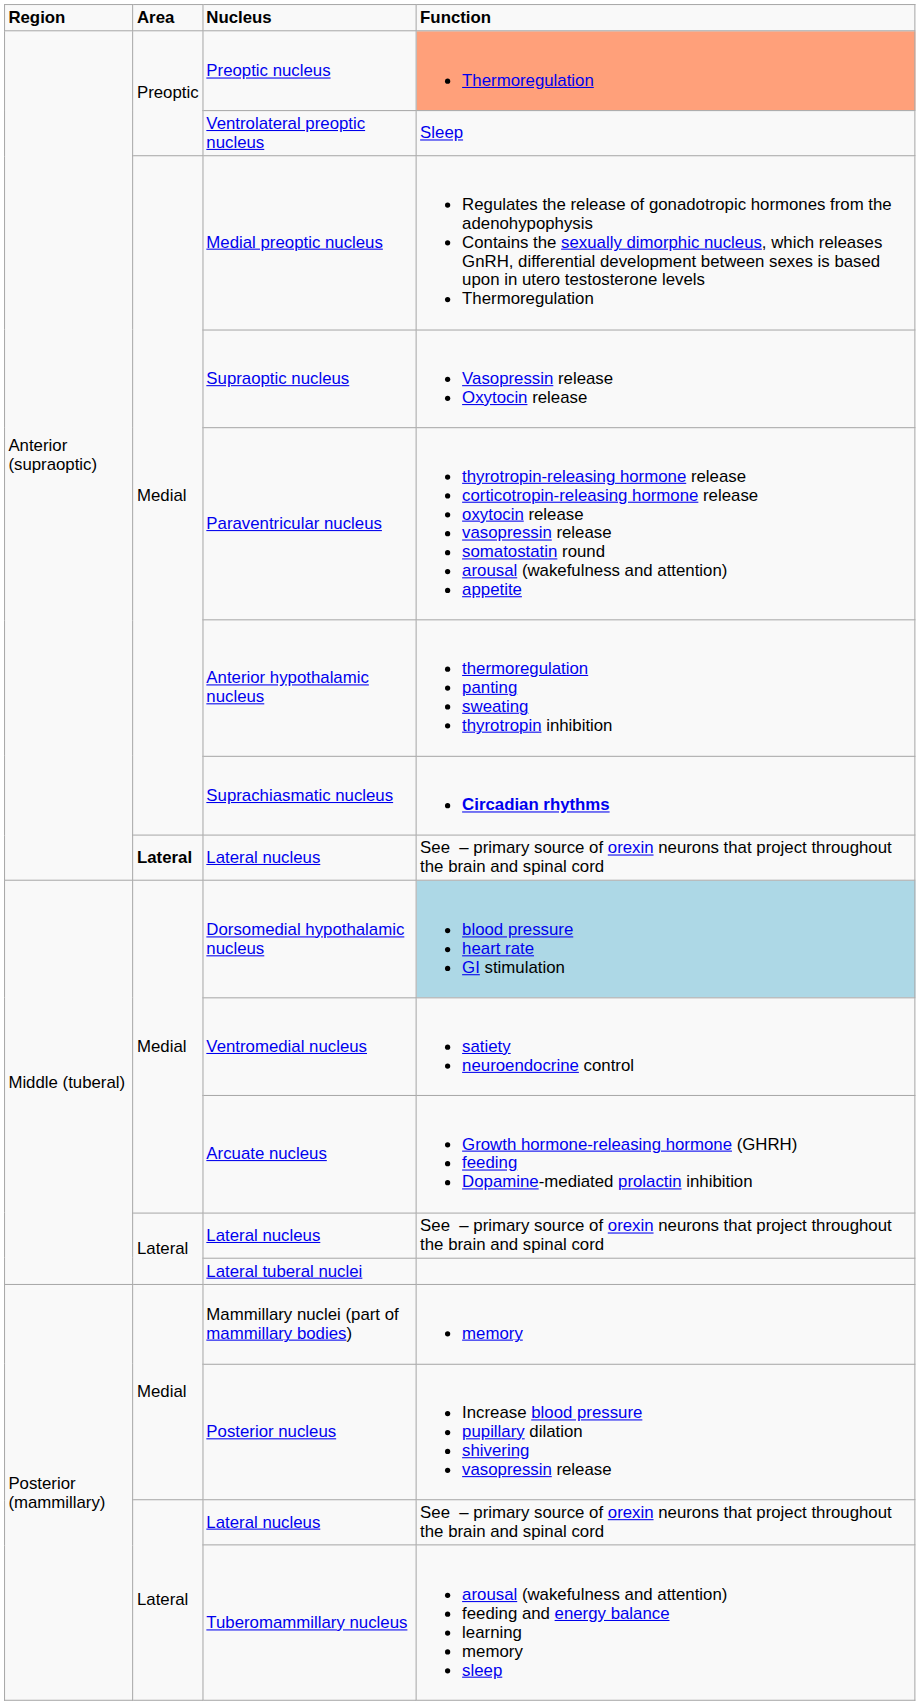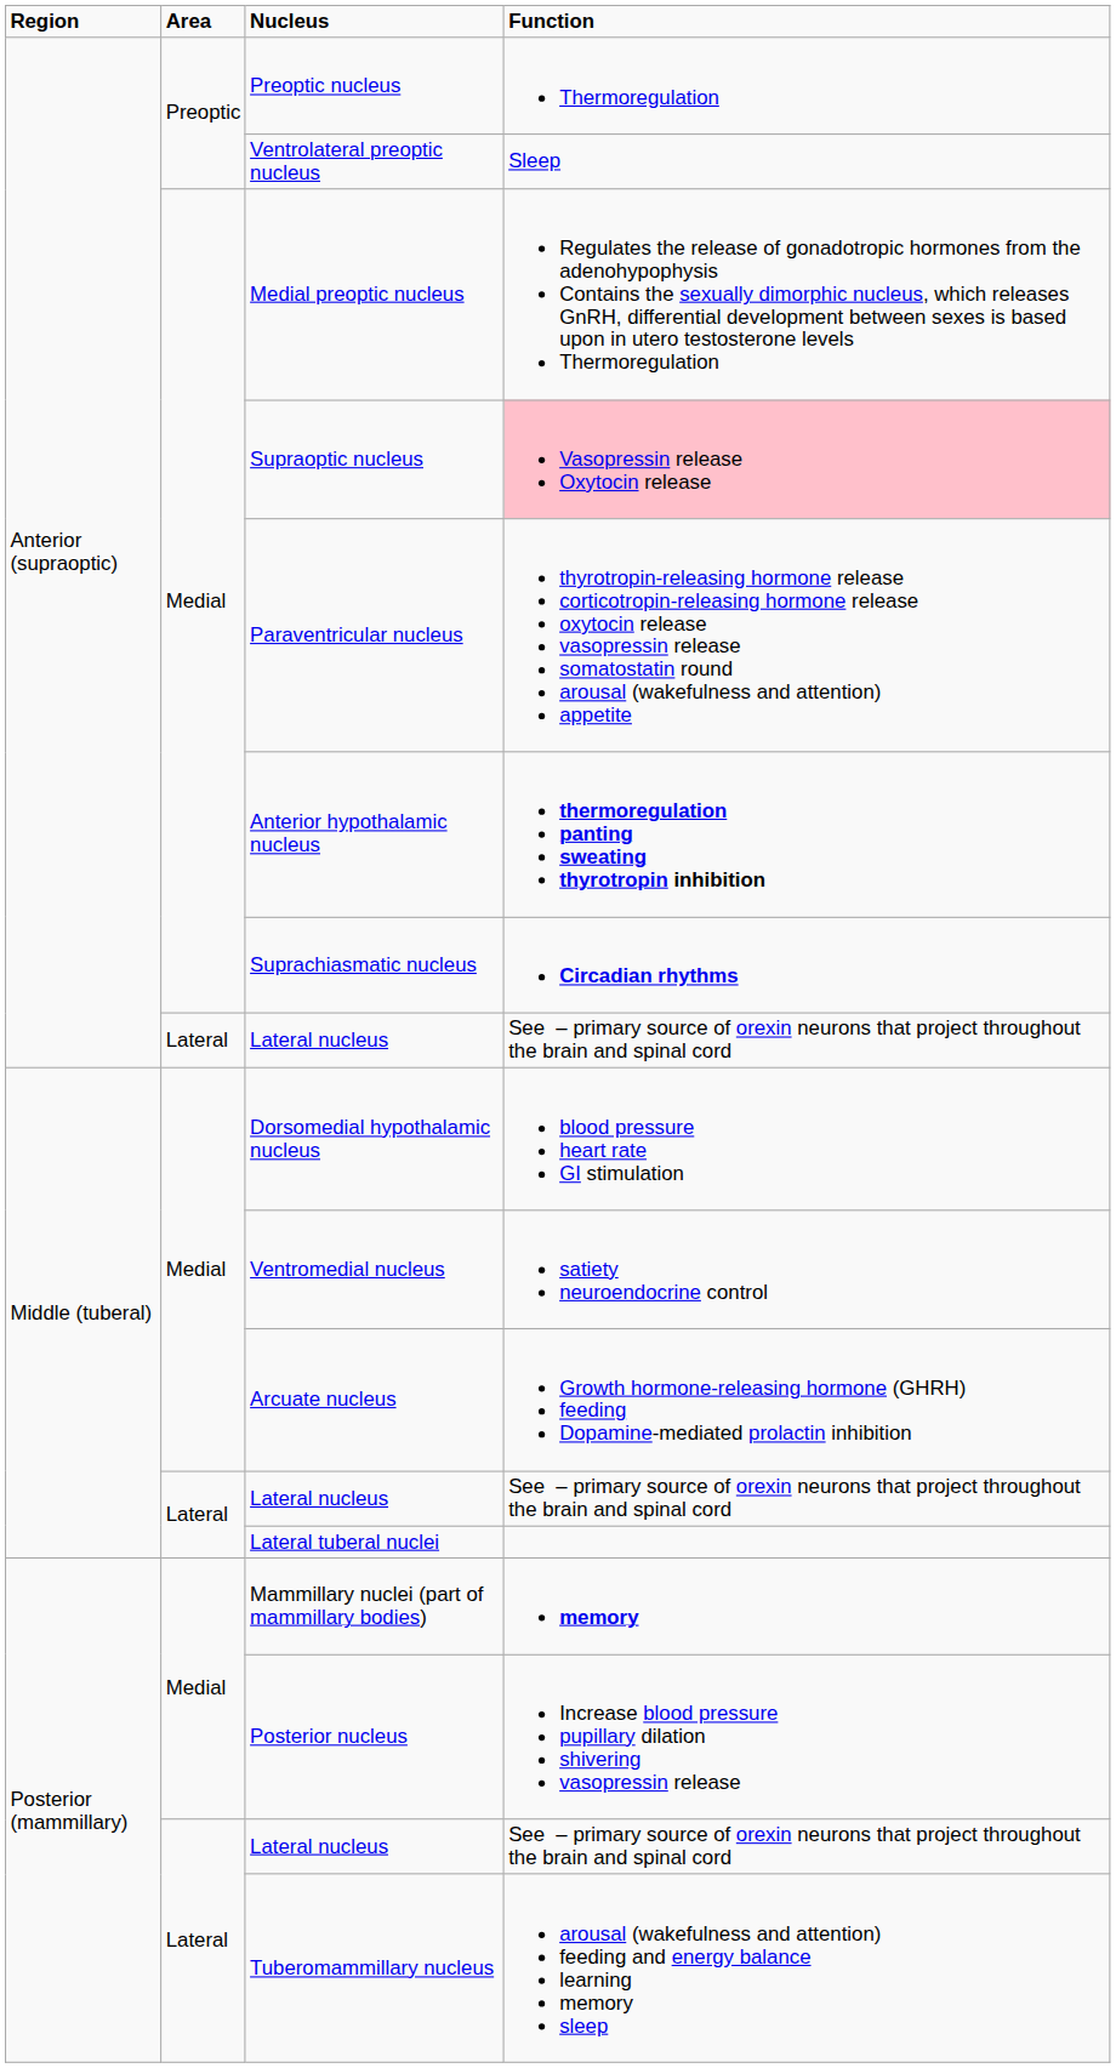 <table class="wikitable">
 <tr>
 <td><strong>Region</strong></td>
 <td><strong>Area</strong></td>
 <td><strong>Nucleus</strong></td>
 <td><strong>Function</strong></td>
 </tr>
 <tr>
 <td rowspan=8>Anterior (supraoptic)</td>
 <td rowspan="2">Preoptic</td>
 <td><a href='#'>Preoptic nucleus</a></td>
-<td style="background: lightsalmon;"><br><ul><li><a href='#'>Thermoregulation</a></li></ul></td>
+<td><br><ul><li><a href='#'>Thermoregulation</a></li></ul></td>
 </tr>
 <tr>
 <td><a href='#'>Ventrolateral preoptic nucleus</a></td>
 <td><a href='#'>Sleep</a></td>
 </tr>
 <tr>
 <td rowspan=5>Medial</td>
 <td><a href='#'>Medial preoptic nucleus</a></td>
 <td><br><ul><li>Regulates the release of gonadotropic hormones from the adenohypophysis</li><li>Contains the <a href='#'>sexually dimorphic nucleus</a>, which releases GnRH, differential development between sexes is based upon in utero testosterone levels</li><li>Thermoregulation</li></ul></td>
 </tr>
 <tr>
 <td><a href='#'>Supraoptic nucleus</a></td>
-<td><br><ul><li><a href='#'>Vasopressin</a> release</li><li><a href='#'>Oxytocin</a> release</li></ul></td>
+<td style="background: pink;"><br><ul><li><a href='#'>Vasopressin</a> release</li><li><a href='#'>Oxytocin</a> release</li></ul></td>
 </tr>
 <tr>
 <td><a href='#'>Paraventricular nucleus</a></td>
 <td><br><ul><li><a href='#'>thyrotropin-releasing hormone</a> release</li><li><a href='#'>corticotropin-releasing hormone</a> release</li><li><a href='#'>oxytocin</a> release</li><li><a href='#'>vasopressin</a> release</li><li><a href='#'>somatostatin</a> round</li><li><a href='#'>arousal</a> (wakefulness and attention)</li><li><a href='#'>appetite</a></li></ul></td>
 </tr>
 <tr>
 <td><a href='#'>Anterior hypothalamic nucleus</a></td>
-<td><br><ul><li><a href='#'>thermoregulation</a></li><li><a href='#'>panting</a></li><li><a href='#'>sweating</a></li><li><a href='#'>thyrotropin</a> inhibition</li></ul></td>
+<td><strong><br><ul><li><a href='#'>thermoregulation</a></li><li><a href='#'>panting</a></li><li><a href='#'>sweating</a></li><li><a href='#'>thyrotropin</a> inhibition</li></ul></strong></td>
 </tr>
 <tr>
 <td><a href='#'>Suprachiasmatic nucleus</a></td>
 <td><strong><br><ul><li><a href='#'>Circadian rhythms</a></li></ul></strong></td>
 </tr>
 <tr>
-<td><strong>Lateral</strong></td>
+<td>Lateral</td>
 <td><a href='#'>Lateral nucleus</a></td>
 <td>See  – primary source of <a href='#'>orexin</a> neurons that project throughout the brain and spinal cord</td>
 </tr>
 <tr>
 <td rowspan=5>Middle (tuberal)</td>
 <td rowspan=3>Medial</td>
 <td><a href='#'>Dorsomedial hypothalamic nucleus</a></td>
-<td style="background: lightblue;"><br><ul><li><a href='#'>blood pressure</a></li><li><a href='#'>heart rate</a></li><li><a href='#'>GI</a> stimulation</li></ul></td>
+<td><br><ul><li><a href='#'>blood pressure</a></li><li><a href='#'>heart rate</a></li><li><a href='#'>GI</a> stimulation</li></ul></td>
 </tr>
 <tr>
 <td><a href='#'>Ventromedial nucleus</a></td>
 <td><br><ul><li><a href='#'>satiety</a></li><li><a href='#'>neuroendocrine</a> control</li></ul></td>
 </tr>
 <tr>
 <td><a href='#'>Arcuate nucleus</a></td>
 <td><br><ul><li><a href='#'>Growth hormone-releasing hormone</a> (GHRH)</li><li><a href='#'>feeding</a></li><li><a href='#'>Dopamine</a>-mediated <a href='#'>prolactin</a> inhibition</li></ul></td>
 </tr>
 <tr>
 <td rowspan=2>Lateral</td>
 <td><a href='#'>Lateral nucleus</a></td>
 <td>See  – primary source of <a href='#'>orexin</a> neurons that project throughout the brain and spinal cord</td>
 </tr>
 <tr>
 <td><a href='#'>Lateral tuberal nuclei</a></td>
 <td></td>
 </tr>
 <tr>
 <td rowspan=4>Posterior (mammillary)</td>
 <td rowspan=2>Medial</td>
 <td>Mammillary nuclei (part of <a href='#'>mammillary bodies</a>)</td>
-<td><br><ul><li><a href='#'>memory</a></li></ul></td>
+<td><strong><br><ul><li><a href='#'>memory</a></li></ul></strong></td>
 </tr>
 <tr>
 <td><a href='#'>Posterior nucleus</a></td>
 <td><br><ul><li>Increase <a href='#'>blood pressure</a></li><li><a href='#'>pupillary</a> dilation</li><li><a href='#'>shivering</a></li><li><a href='#'>vasopressin</a> release</li></ul></td>
 </tr>
 <tr>
 <td rowspan=2>Lateral</td>
 <td><a href='#'>Lateral nucleus</a></td>
 <td>See  – primary source of <a href='#'>orexin</a> neurons that project throughout the brain and spinal cord</td>
 </tr>
 <tr>
 <td><a href='#'>Tuberomammillary nucleus</a> </td>
 <td><br><ul><li><a href='#'>arousal</a> (wakefulness and attention)</li><li>feeding and <a href='#'>energy balance</a></li><li>learning</li><li>memory</li><li><a href='#'>sleep</a></li></ul></td>
 </tr>
 </table>
